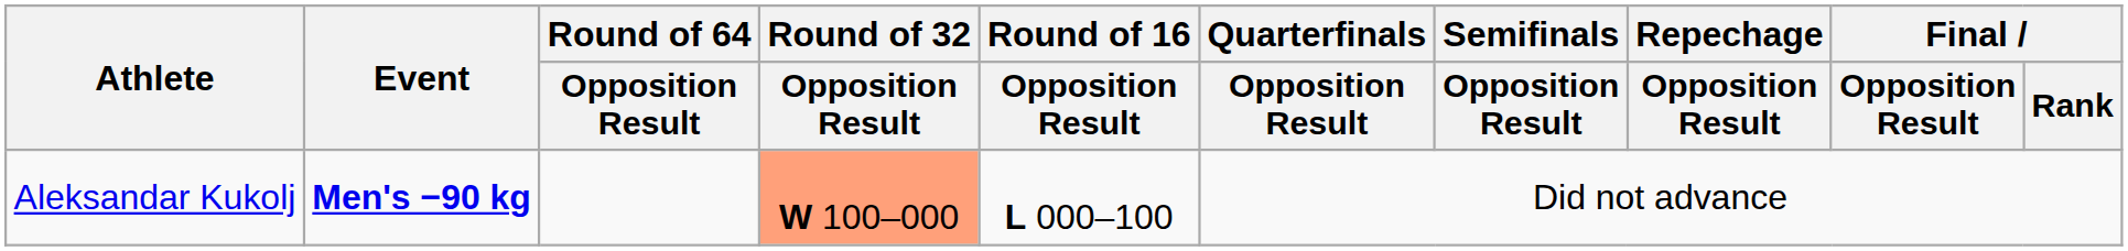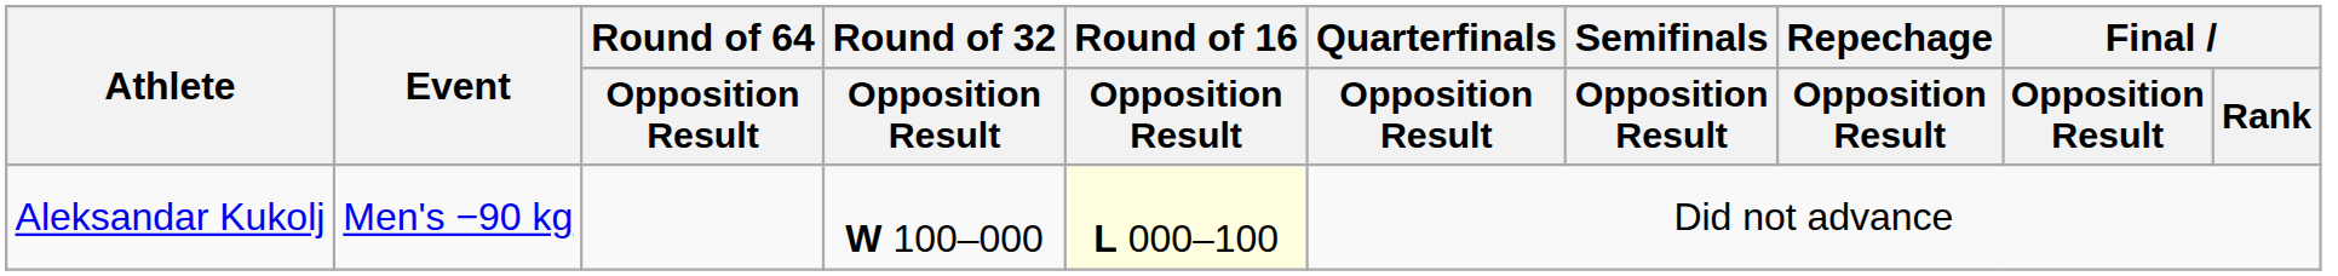 <table class="wikitable" style="font-size:90%">
 <tr>
 <th rowspan=2>Athlete</th>
 <th rowspan=2>Event</th>
 <th>Round of 64</th>
 <th>Round of 32</th>
 <th>Round of 16</th>
 <th>Quarterfinals</th>
 <th>Semifinals</th>
 <th>Repechage</th>
 <th colspan=2>Final / </th>
 </tr>
 <tr style="font-size:95%">
 <th>Opposition<br>Result</th>
 <th>Opposition<br>Result</th>
 <th>Opposition<br>Result</th>
 <th>Opposition<br>Result</th>
 <th>Opposition<br>Result</th>
 <th>Opposition<br>Result</th>
 <th>Opposition<br>Result</th>
 <th>Rank</th>
 </tr>
 <tr align=center>
 <td align=left><a href='#'>Aleksandar Kukolj</a></td>
-<td align=left><strong><a href='#'>Men's −90 kg</a></strong></td>
+<td align=left><a href='#'>Men's −90 kg</a></td>
 <td></td>
-<td style="background: lightsalmon;"><br><strong>W</strong> 100–000</td>
-<td><br><strong>L</strong> 000–100</td>
+<td><br><strong>W</strong> 100–000</td>
+<td style="background: lightyellow;"><br><strong>L</strong> 000–100</td>
 <td colspan=5 align=center>Did not advance</td>
 </tr>
 </table>
